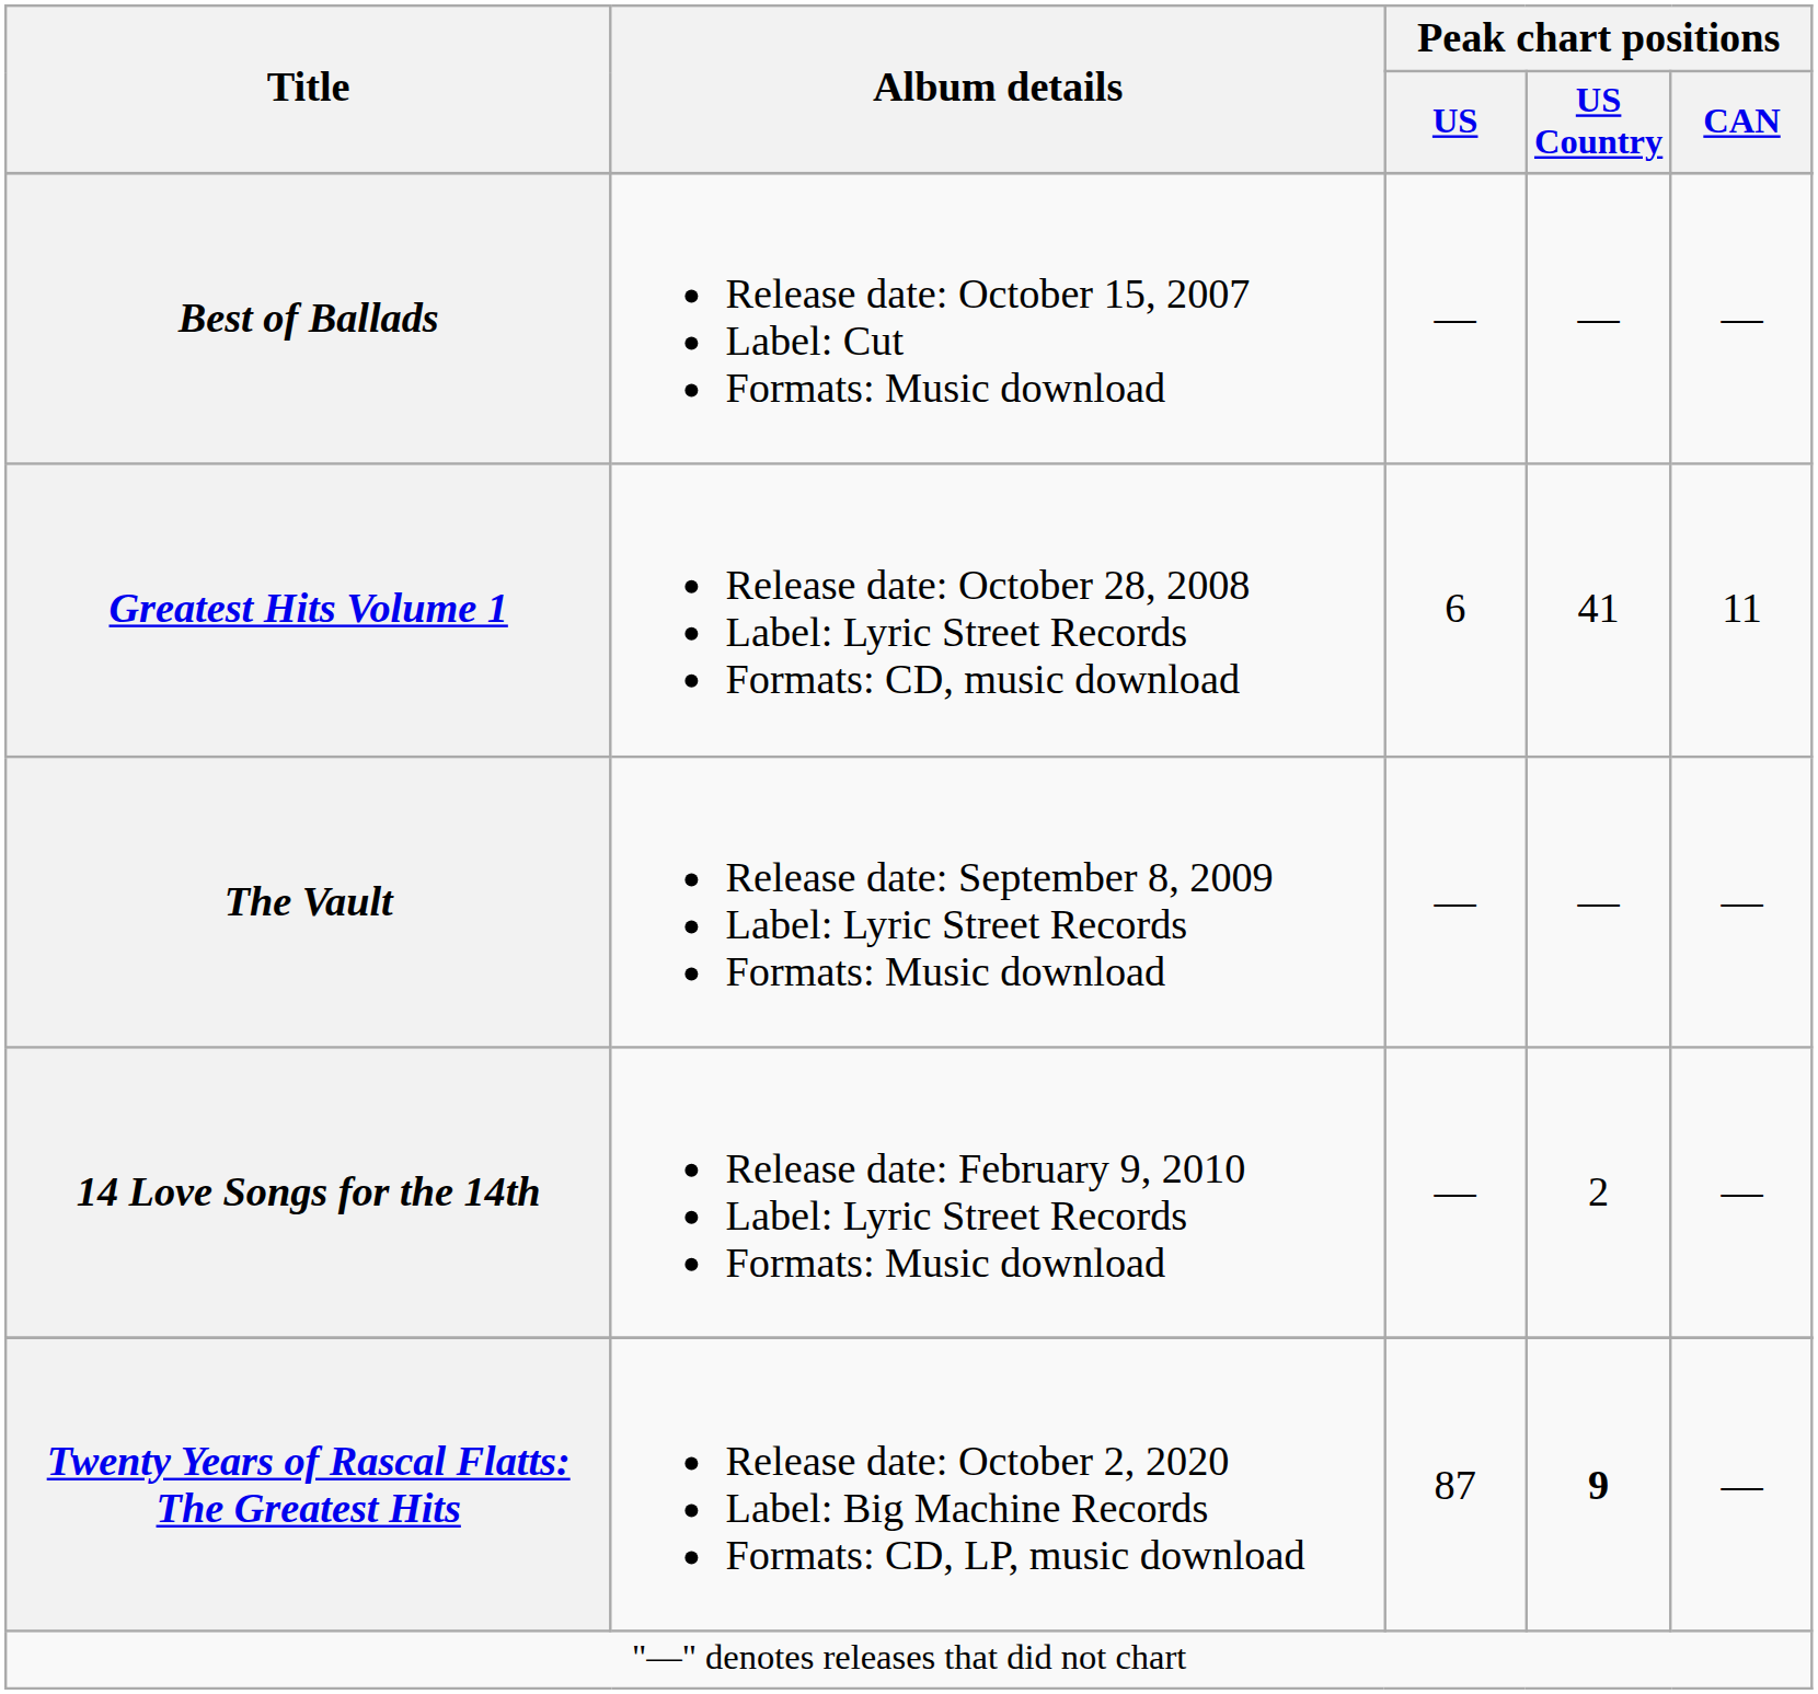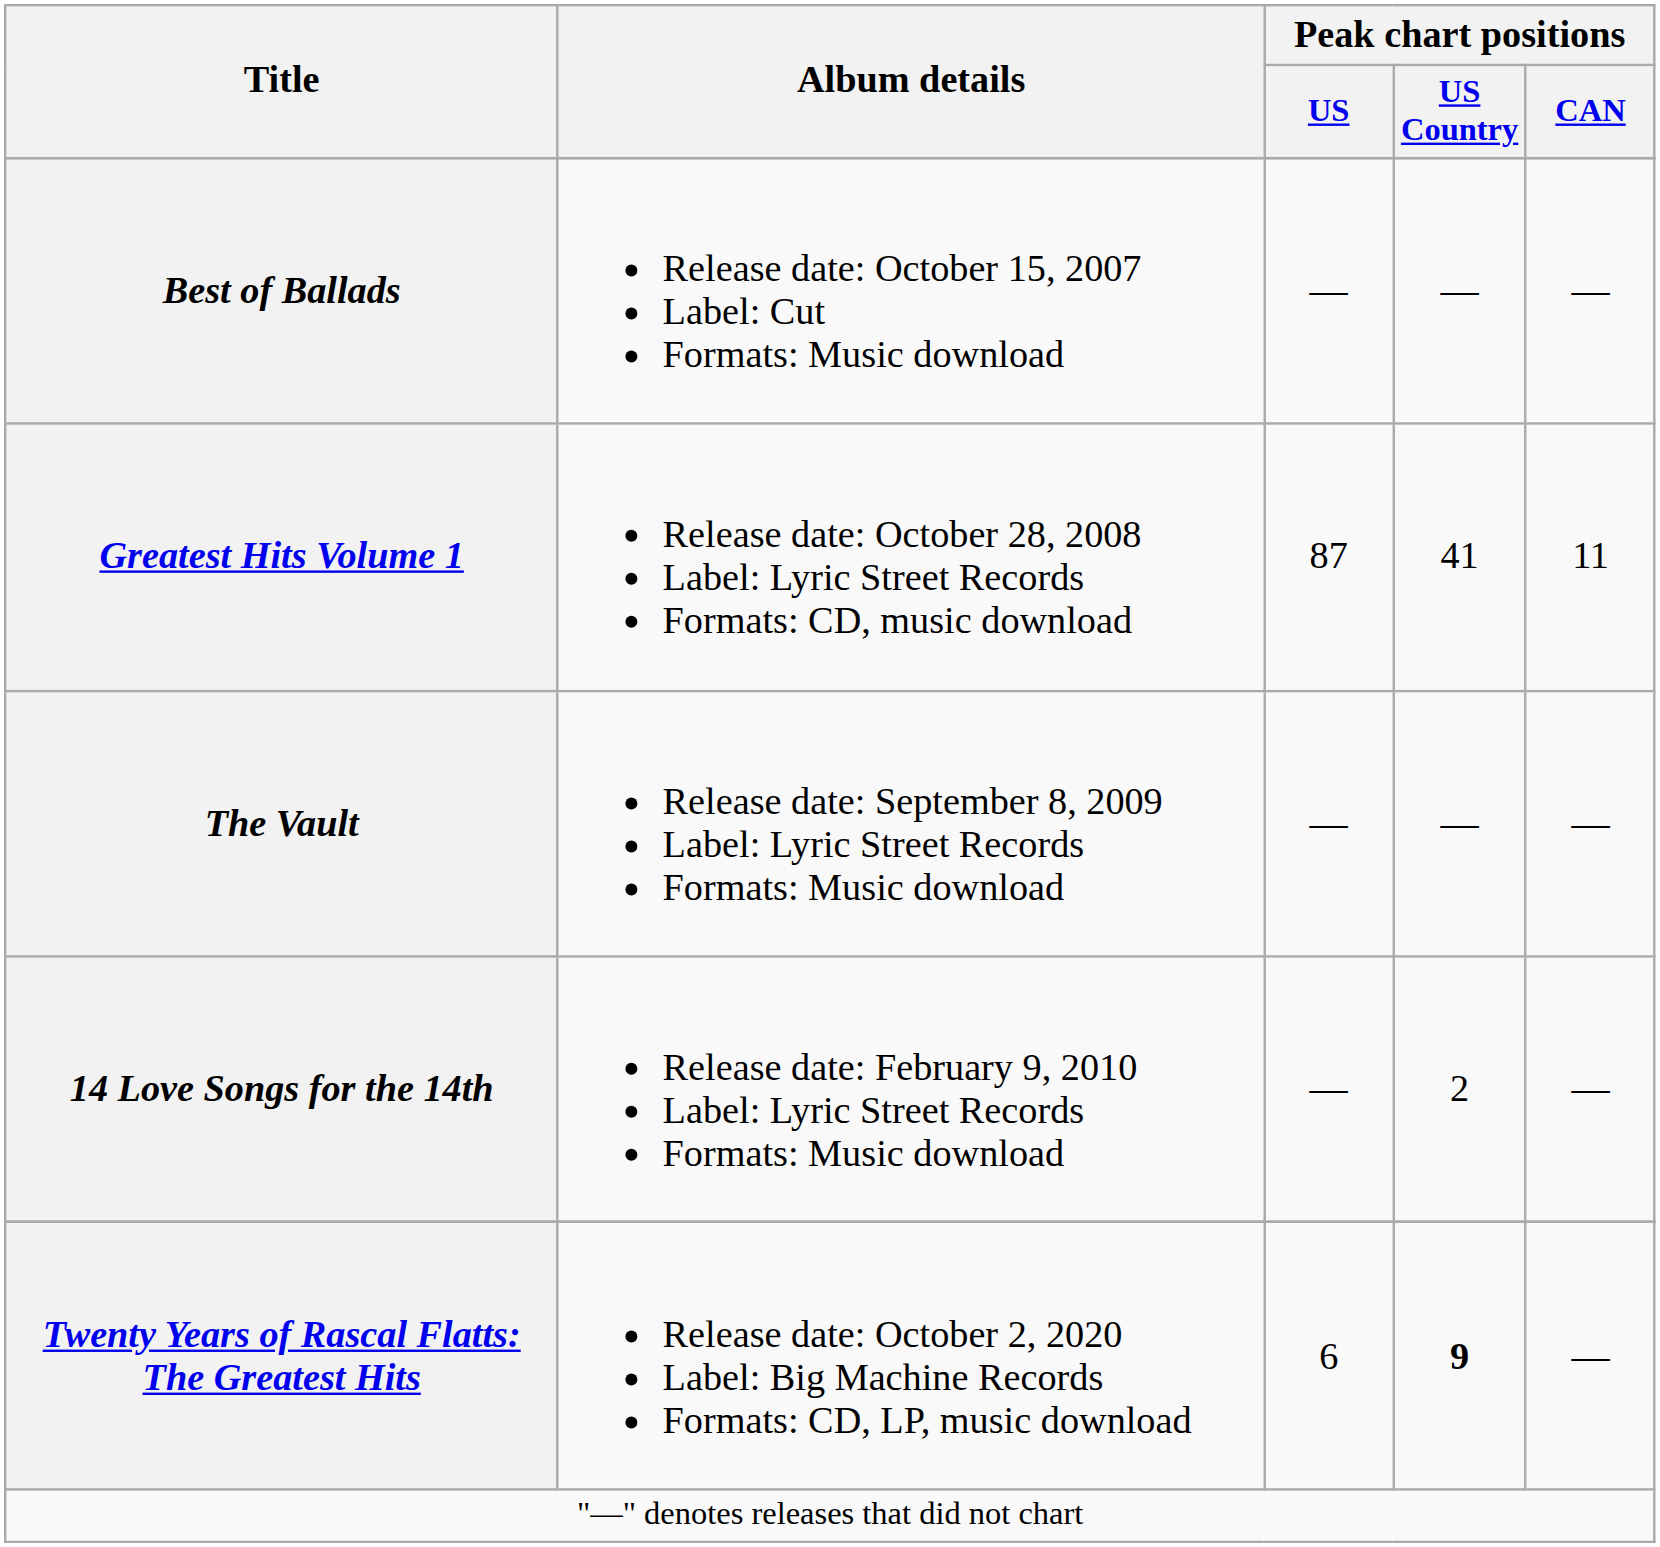 <table class="wikitable plainrowheaders" style="text-align:center;">
 <tr>
 <th scope="col" rowspan="2" style="width:14em;">Title</th>
 <th scope="col" rowspan="2" style="width:18em;">Album details</th>
 <th scope="col" colspan="3">Peak chart positions</th>
 </tr>
 <tr>
 <th scope="col" style="width:3.5em;font-size:85%;"><a href='#'>US</a><br></th>
 <th scope="col" style="width:3.5em;font-size:85%;"><a href='#'>US Country</a><br></th>
 <th scope="col" style="width:3.5em;font-size:85%;"><a href='#'>CAN</a><br></th>
 </tr>
 <tr>
 </tr>
 <tr>
 <th scope="row"><em>Best of Ballads</em></th>
 <td style="text-align:left;"><br><ul><li>Release date: October 15, 2007</li><li>Label: Cut</li><li>Formats: Music download</li></ul></td>
 <td>—</td>
 <td>—</td>
 <td>—</td>
 </tr>
 <tr>
 <th scope="row"><em><a href='#'>Greatest Hits Volume 1</a></em></th>
 <td style="text-align:left;"><br><ul><li>Release date: October 28, 2008</li><li>Label: Lyric Street Records</li><li>Formats: CD, music download</li></ul></td>
-<td>6</td>
+<td>87</td>
 <td>41</td>
 <td>11</td>
 </tr>
 <tr>
 <th scope="row"><em>The Vault</em></th>
 <td style="text-align:left;"><br><ul><li>Release date: September 8, 2009</li><li>Label: Lyric Street Records</li><li>Formats: Music download</li></ul></td>
 <td>—</td>
 <td>—</td>
 <td>—</td>
 </tr>
 <tr>
 <th scope="row"><em>14 Love Songs for the 14th</em></th>
 <td style="text-align:left;"><br><ul><li>Release date: February 9, 2010</li><li>Label: Lyric Street Records</li><li>Formats: Music download</li></ul></td>
 <td>—</td>
 <td>2</td>
 <td>—</td>
 </tr>
 <tr>
 </tr>
 <tr>
 <th scope="row"><em><a href='#'>Twenty Years of Rascal Flatts: The Greatest Hits</a></em></th>
 <td style="text-align:left;"><br><ul><li>Release date: October 2, 2020</li><li>Label: Big Machine Records</li><li>Formats: CD, LP, music download</li></ul></td>
-<td>87</td>
+<td>6</td>
 <td><strong>9</strong></td>
 <td>—</td>
 </tr>
 <tr>
 <td colspan="10" style="font-size:85%">"—" denotes releases that did not chart</td>
 </tr>
 </table>
